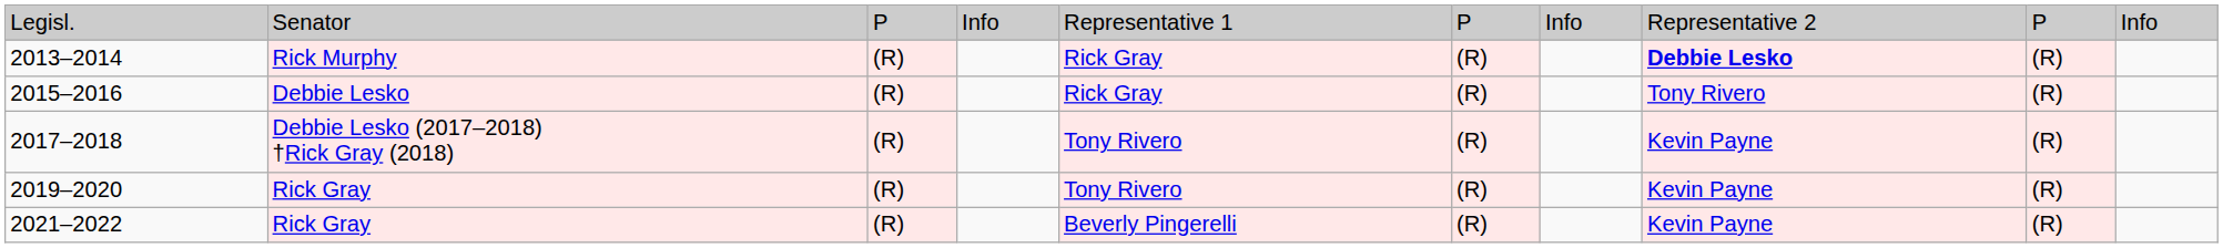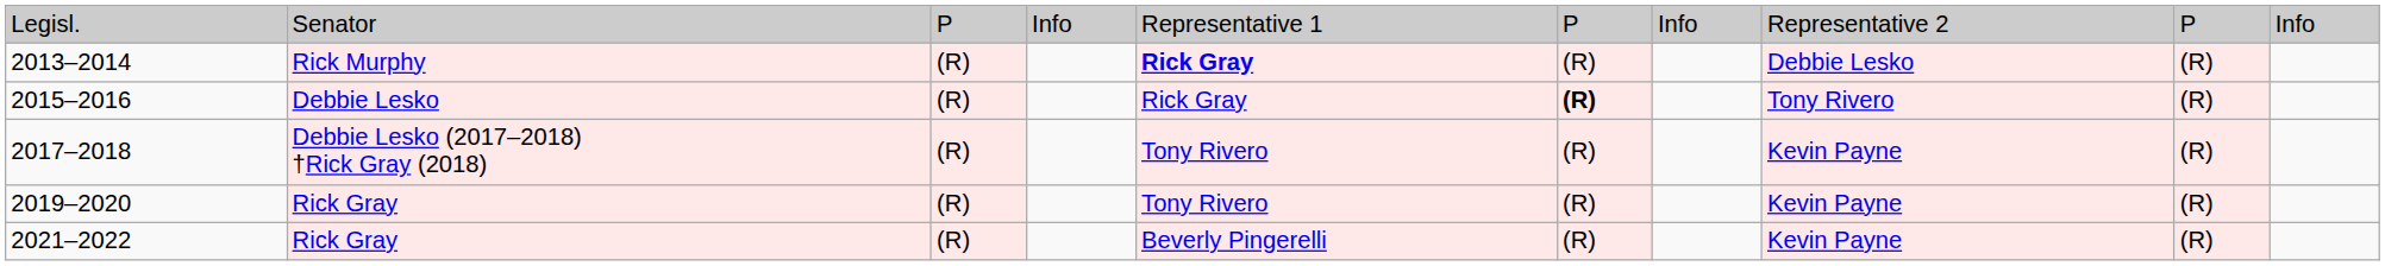 <table class=wikitable width="100%" border="1">
 <tr style="background-color:#cccccc;">
 <td>Legisl.</td>
 <td>Senator</td>
 <td>P</td>
 <td>Info</td>
 <td>Representative 1</td>
 <td>P</td>
 <td>Info</td>
 <td>Representative 2</td>
 <td>P</td>
 <td>Info</td>
 </tr>
 <tr>
 <td>2013–2014</td>
 <td style="background:#FFE8E8"><a href='#'>Rick Murphy</a></td>
 <td style="background:#FFE8E8">(R)</td>
 <td></td>
-<td style="background:#FFE8E8"><a href='#'>Rick Gray</a></td>
+<td style="background:#FFE8E8"><strong><a href='#'>Rick Gray</a></strong></td>
 <td style="background:#FFE8E8">(R)</td>
 <td></td>
-<td style="background:#FFE8E8"><strong><a href='#'>Debbie Lesko</a></strong></td>
+<td style="background:#FFE8E8"><a href='#'>Debbie Lesko</a></td>
 <td style="background:#FFE8E8">(R)</td>
 <td></td>
 </tr>
 <tr>
 <td>2015–2016</td>
 <td style="background:#FFE8E8"><a href='#'>Debbie Lesko</a></td>
 <td style="background:#FFE8E8">(R)</td>
 <td></td>
 <td style="background:#FFE8E8"><a href='#'>Rick Gray</a></td>
-<td style="background:#FFE8E8">(R)</td>
+<td style="background:#FFE8E8"><strong>(R)</strong></td>
 <td></td>
 <td style="background:#FFE8E8"><a href='#'>Tony Rivero</a></td>
 <td style="background:#FFE8E8">(R)</td>
 <td></td>
 </tr>
 <tr>
 <td>2017–2018</td>
 <td style="background:#FFE8E8"><a href='#'>Debbie Lesko</a> (2017–2018)<br>†<a href='#'>Rick Gray</a> (2018)</td>
 <td style="background:#FFE8E8">(R)</td>
 <td></td>
 <td style="background:#FFE8E8"><a href='#'>Tony Rivero</a></td>
 <td style="background:#FFE8E8">(R)</td>
 <td></td>
 <td style="background:#FFE8E8"><a href='#'>Kevin Payne</a></td>
 <td style="background:#FFE8E8">(R)</td>
 <td></td>
 </tr>
 <tr>
 <td>2019–2020</td>
 <td style="background:#FFE8E8"><a href='#'>Rick Gray</a></td>
 <td style="background:#FFE8E8">(R)</td>
 <td></td>
 <td style="background:#FFE8E8"><a href='#'>Tony Rivero</a></td>
 <td style="background:#FFE8E8">(R)</td>
 <td></td>
 <td style="background:#FFE8E8"><a href='#'>Kevin Payne</a></td>
 <td style="background:#FFE8E8">(R)</td>
 <td></td>
 </tr>
 <tr>
 <td>2021–2022</td>
 <td style="background:#FFE8E8"><a href='#'>Rick Gray</a></td>
 <td style="background:#FFE8E8">(R)</td>
 <td></td>
 <td style="background:#FFE8E8"><a href='#'>Beverly Pingerelli</a></td>
 <td style="background:#FFE8E8">(R)</td>
 <td></td>
 <td style="background:#FFE8E8"><a href='#'>Kevin Payne</a></td>
 <td style="background:#FFE8E8">(R)</td>
 <td></td>
 </tr>
 </table>
